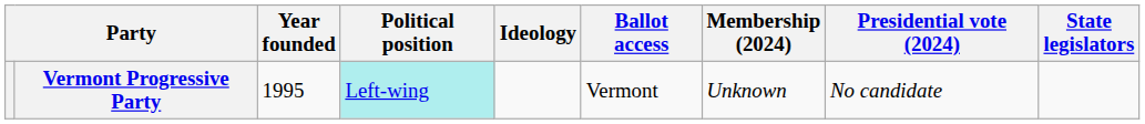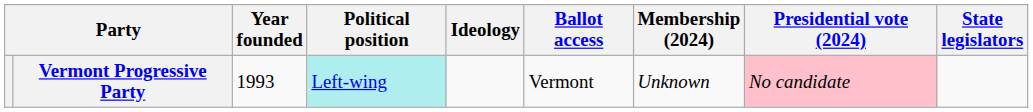 <table class="wikitable sortable plainrowheaders">
 <tr>
 <th colspan="2" scope="col">Party</th>
 <th scope="col">Year<br>founded</th>
 <th>Political position</th>
 <th scope="col">Ideology</th>
 <th scope="col"><a href='#'>Ballot access</a></th>
 <th scope="col">Membership<br>(2024)</th>
 <th scope="col"><a href='#'>Presidential vote (2024)</a></th>
 <th scope="col"><a href='#'>State<br>legislators</a></th>
 </tr>
 <tr>
 <th style="background-color:"></th>
 <th><a href='#'>Vermont Progressive Party</a></th>
-<td>1995</td>
+<td>1993</td>
 <td style="background: paleturquoise;"><a href='#'>Left-wing</a></td>
 <td></td>
 <td>Vermont</td>
 <td><em>Unknown</em></td>
-<td><em>No candidate</em></td>
+<td style="background: pink;"><em>No candidate</em></td>
 <td></td>
 </tr>
 </table>
